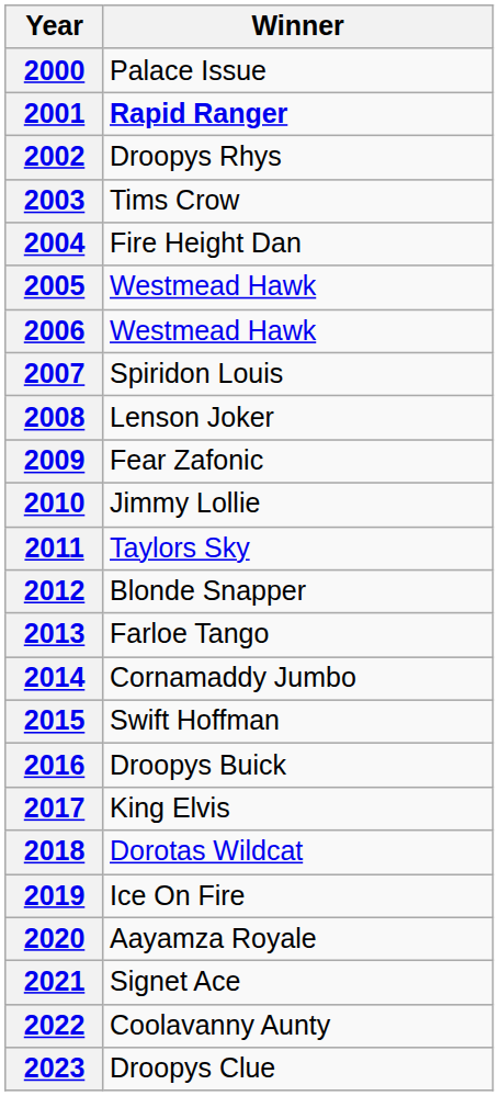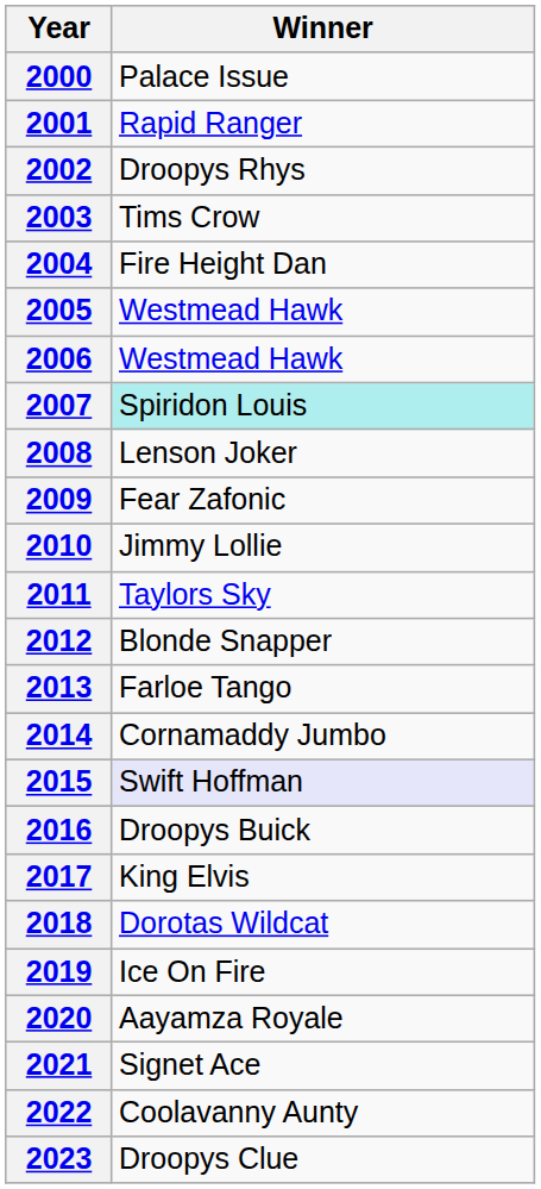 <table class="wikitable">
 <tr>
 <th width=50>Year</th>
 <th width=220>Winner</th>
 </tr>
 <tr>
 <th><a href='#'>2000</a></th>
 <td>Palace Issue</td>
 </tr>
 <tr>
 <th><a href='#'>2001</a></th>
-<td><strong><a href='#'>Rapid Ranger</a></strong></td>
+<td><a href='#'>Rapid Ranger</a></td>
 </tr>
 <tr>
 <th><a href='#'>2002</a></th>
 <td>Droopys Rhys</td>
 </tr>
 <tr>
 <th><a href='#'>2003</a></th>
 <td>Tims Crow</td>
 </tr>
 <tr>
 <th><a href='#'>2004</a></th>
 <td>Fire Height Dan</td>
 </tr>
 <tr>
 <th><a href='#'>2005</a></th>
 <td><a href='#'>Westmead Hawk</a></td>
 </tr>
 <tr>
 <th><a href='#'>2006</a></th>
 <td><a href='#'>Westmead Hawk</a></td>
 </tr>
 <tr>
 <th><a href='#'>2007</a></th>
-<td>Spiridon Louis</td>
+<td style="background: paleturquoise;">Spiridon Louis</td>
 </tr>
 <tr>
 <th><a href='#'>2008</a></th>
 <td>Lenson Joker</td>
 </tr>
 <tr>
 <th><a href='#'>2009</a></th>
 <td>Fear Zafonic</td>
 </tr>
 <tr>
 <th><a href='#'>2010</a></th>
 <td>Jimmy Lollie</td>
 </tr>
 <tr>
 <th><a href='#'>2011</a></th>
 <td><a href='#'>Taylors Sky</a></td>
 </tr>
 <tr>
 <th><a href='#'>2012</a></th>
 <td>Blonde Snapper</td>
 </tr>
 <tr>
 <th><a href='#'>2013</a></th>
 <td>Farloe Tango</td>
 </tr>
 <tr>
 <th><a href='#'>2014</a></th>
 <td>Cornamaddy Jumbo</td>
 </tr>
 <tr>
 <th><a href='#'>2015</a></th>
-<td>Swift Hoffman</td>
+<td style="background: lavender;">Swift Hoffman</td>
 </tr>
 <tr>
 <th><a href='#'>2016</a></th>
 <td>Droopys Buick</td>
 </tr>
 <tr>
 <th><a href='#'>2017</a></th>
 <td>King Elvis</td>
 </tr>
 <tr>
 <th><a href='#'>2018</a></th>
 <td><a href='#'>Dorotas Wildcat</a></td>
 </tr>
 <tr>
 <th><a href='#'>2019</a></th>
 <td>Ice On Fire</td>
 </tr>
 <tr>
 <th><a href='#'>2020</a></th>
 <td>Aayamza Royale</td>
 </tr>
 <tr>
 <th><a href='#'>2021</a></th>
 <td>Signet Ace</td>
 </tr>
 <tr>
 <th><a href='#'>2022</a></th>
 <td>Coolavanny Aunty</td>
 </tr>
 <tr>
 <th><a href='#'>2023</a></th>
 <td>Droopys Clue</td>
 </tr>
 </table>
